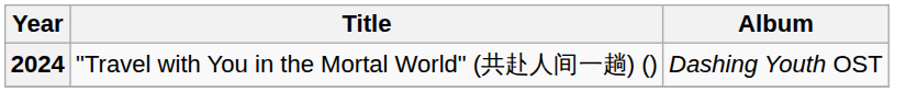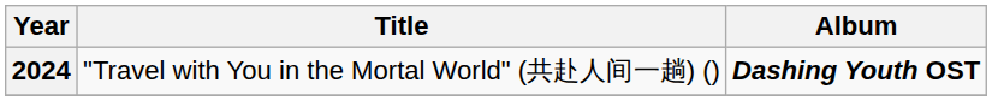 <table class="wikitable plainrowheaders">
 <tr>
 <th rowspan="1" scope="col">Year</th>
 <th rowspan="1" scope="col">Title</th>
 <th rowspan="1" scope="col">Album</th>
 </tr>
 <tr>
 <th scope="row">2024</th>
 <td>"Travel with You in the Mortal World" (共赴人间一趟) ()</td>
-<td><em>Dashing Youth</em> OST</td>
+<td><strong><em>Dashing Youth</em> OST</strong></td>
 </tr>
 <tr>
 </tr>
 </table>
